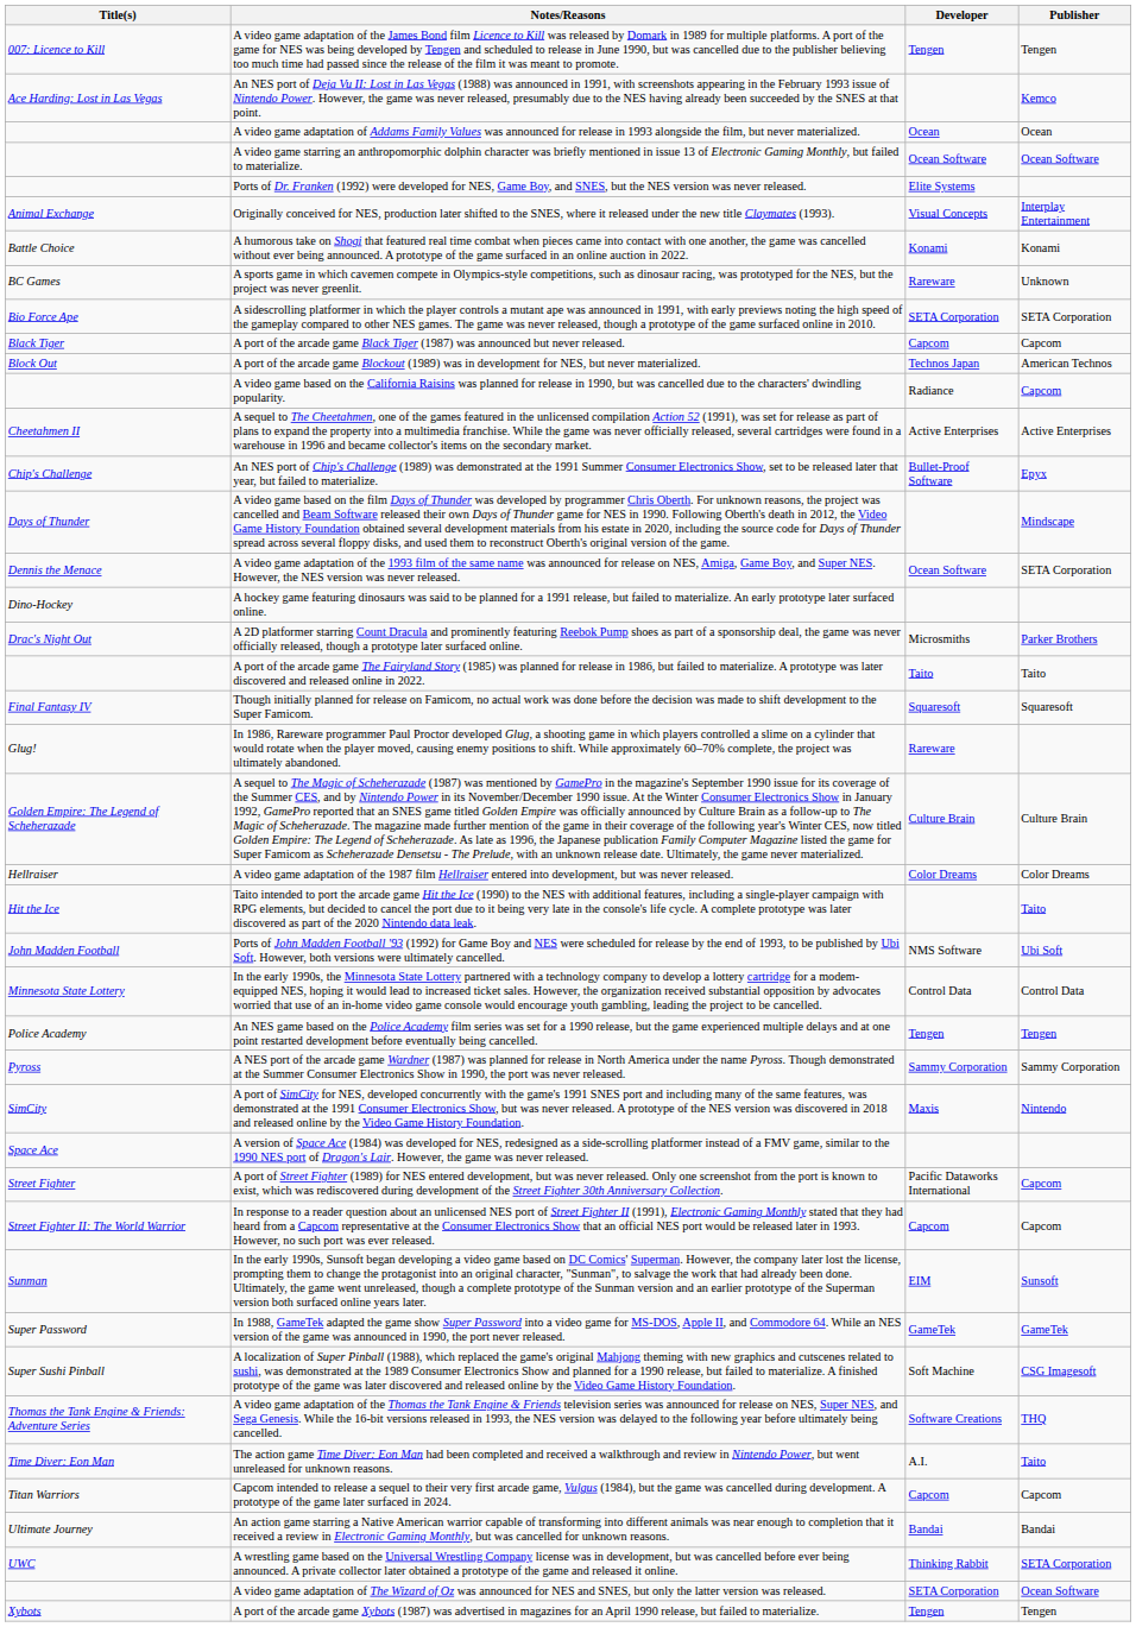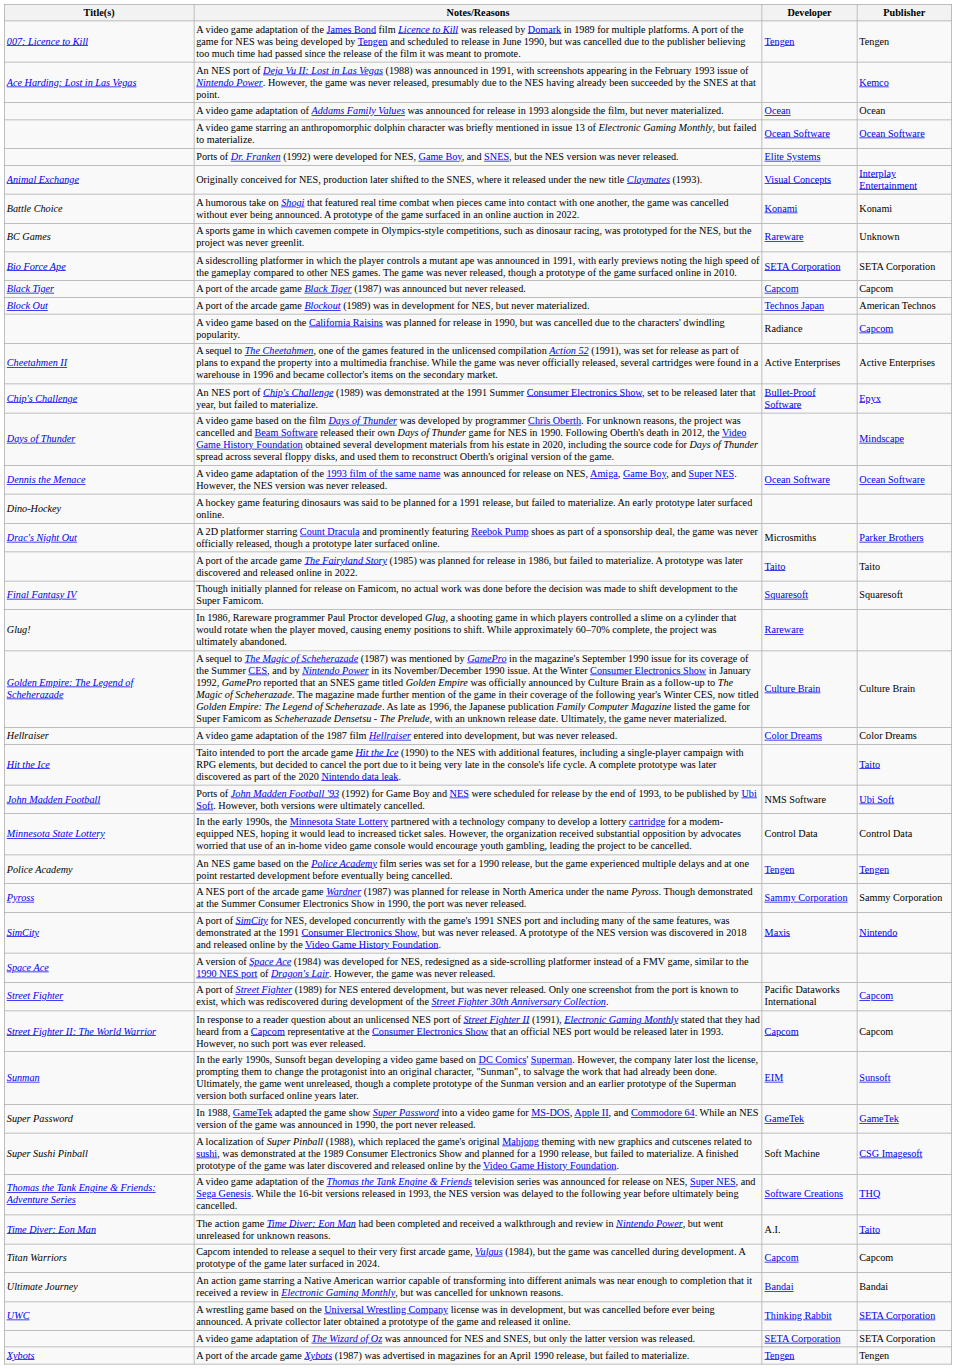 <table class="wikitable sortable" id="softwarelist" style="width:100%; font-size:85%;">
 <tr>
 <th width=20%>Title(s)</th>
 <th width=60% class="unsortable">Notes/Reasons</th>
 <th width=10%>Developer</th>
 <th width=10%>Publisher</th>
 </tr>
 <tr>
 <td id="0–9"><em><a href='#'>007: Licence to Kill</a></em></td>
 <td>A video game adaptation of the <a href='#'>James Bond</a> film <em><a href='#'>Licence to Kill</a></em> was released by <a href='#'>Domark</a> in 1989 for multiple platforms. A port of the game for NES was being developed by <a href='#'>Tengen</a> and scheduled to release in June 1990, but was cancelled due to the publisher believing too much time had passed since the release of the film it was meant to promote.</td>
 <td><a href='#'>Tengen</a></td>
 <td>Tengen</td>
 </tr>
 <tr>
 <td><em><a href='#'>Ace Harding: Lost in Las Vegas</a></em></td>
 <td>An NES port of <em><a href='#'>Deja Vu II: Lost in Las Vegas</a></em> (1988) was announced in 1991, with screenshots appearing in the February 1993 issue of <em><a href='#'>Nintendo Power</a></em>. However, the game was never released, presumably due to the NES having already been succeeded by the SNES at that point.</td>
 <td></td>
 <td><a href='#'>Kemco</a></td>
 </tr>
 <tr>
 <td id="A"></td>
 <td>A video game adaptation of <em><a href='#'>Addams Family Values</a></em> was announced for release in 1993 alongside the film, but never materialized.</td>
 <td><a href='#'>Ocean</a></td>
 <td>Ocean</td>
 </tr>
 <tr>
 <td></td>
 <td>A video game starring an anthropomorphic dolphin character was briefly mentioned in issue 13 of <em>Electronic Gaming Monthly</em>, but failed to materialize.</td>
 <td><a href='#'>Ocean Software</a></td>
 <td><a href='#'>Ocean Software</a></td>
 </tr>
 <tr>
 <td></td>
 <td>Ports of <em><a href='#'>Dr. Franken</a></em> (1992) were developed for NES, <a href='#'>Game Boy</a>, and <a href='#'>SNES</a>, but the NES version was never released.</td>
 <td><a href='#'>Elite Systems</a></td>
 <td></td>
 </tr>
 <tr>
 <td><em><a href='#'>Animal Exchange</a></em></td>
 <td>Originally conceived for NES, production later shifted to the SNES, where it released under the new title <em><a href='#'>Claymates</a></em> (1993).</td>
 <td><a href='#'>Visual Concepts</a></td>
 <td><a href='#'>Interplay Entertainment</a></td>
 </tr>
 <tr>
 <td id="B"><em>Battle Choice</em></td>
 <td>A humorous take on <em><a href='#'>Shogi</a></em> that featured real time combat when pieces came into contact with one another, the game was cancelled without ever being announced. A prototype of the game surfaced in an online auction in 2022.</td>
 <td><a href='#'>Konami</a></td>
 <td>Konami</td>
 </tr>
 <tr>
 <td><em>BC Games</em></td>
 <td>A sports game in which cavemen compete in Olympics-style competitions, such as dinosaur racing, was prototyped for the NES, but the project was never greenlit.</td>
 <td><a href='#'>Rareware</a></td>
 <td>Unknown</td>
 </tr>
 <tr>
 <td><em><a href='#'>Bio Force Ape</a></em></td>
 <td>A sidescrolling platformer in which the player controls a mutant ape was announced in 1991, with early previews noting the high speed of the gameplay compared to other NES games. The game was never released, though a prototype of the game surfaced online in 2010.</td>
 <td><a href='#'>SETA Corporation</a></td>
 <td>SETA Corporation</td>
 </tr>
 <tr>
 <td><em><a href='#'>Black Tiger</a></em></td>
 <td>A port of the arcade game <em><a href='#'>Black Tiger</a></em> (1987) was announced but never released.</td>
 <td><a href='#'>Capcom</a></td>
 <td>Capcom</td>
 </tr>
 <tr>
 <td><em><a href='#'>Block Out</a></em></td>
 <td>A port of the arcade game <em><a href='#'>Blockout</a></em> (1989) was in development for NES, but never materialized.</td>
 <td><a href='#'>Technos Japan</a></td>
 <td>American Technos</td>
 </tr>
 <tr>
 <td id="C"></td>
 <td>A video game based on the <a href='#'>California Raisins</a> was planned for release in 1990, but was cancelled due to the characters' dwindling popularity.</td>
 <td>Radiance</td>
 <td><a href='#'>Capcom</a></td>
 </tr>
 <tr>
 <td><em><a href='#'>Cheetahmen II</a></em></td>
 <td>A sequel to <em><a href='#'>The Cheetahmen</a></em>, one of the games featured in the unlicensed compilation <em><a href='#'>Action 52</a></em> (1991), was set for release as part of plans to expand the property into a multimedia franchise. While the game was never officially released, several cartridges were found in a warehouse in 1996 and became collector's items on the secondary market.</td>
 <td>Active Enterprises</td>
 <td>Active Enterprises</td>
 </tr>
 <tr>
 <td><em><a href='#'>Chip's Challenge</a></em></td>
 <td>An NES port of <em><a href='#'>Chip's Challenge</a></em> (1989) was demonstrated at the 1991 Summer <a href='#'>Consumer Electronics Show</a>, set to be released later that year, but failed to materialize.</td>
 <td><a href='#'>Bullet-Proof Software</a></td>
 <td><a href='#'>Epyx</a></td>
 </tr>
 <tr>
 <td id="D"><em><a href='#'>Days of Thunder</a></em></td>
 <td>A video game based on the film <em><a href='#'>Days of Thunder</a></em> was developed by programmer <a href='#'>Chris Oberth</a>. For unknown reasons, the project was cancelled and <a href='#'>Beam Software</a> released their own <em>Days of Thunder</em> game for NES in 1990. Following Oberth's death in 2012, the <a href='#'>Video Game History Foundation</a> obtained several development materials from his estate in 2020, including the source code for <em>Days of Thunder</em> spread across several floppy disks, and used them to reconstruct Oberth's original version of the game.</td>
 <td></td>
 <td><a href='#'>Mindscape</a></td>
 </tr>
 <tr>
 <td><em><a href='#'>Dennis the Menace</a></em></td>
 <td>A video game adaptation of the <a href='#'>1993 film of the same name</a> was announced for release on NES, <a href='#'>Amiga</a>, <a href='#'>Game Boy</a>, and <a href='#'>Super NES</a>. However, the NES version was never released.</td>
 <td><a href='#'>Ocean Software</a></td>
-<td>SETA Corporation</td>
+<td><a href='#'>Ocean Software</a></td>
 </tr>
 <tr>
 <td><em>Dino-Hockey</em></td>
 <td>A hockey game featuring dinosaurs was said to be planned for a 1991 release, but failed to materialize. An early prototype later surfaced online.</td>
 <td></td>
 <td></td>
 </tr>
 <tr>
 <td><em><a href='#'>Drac's Night Out</a></em></td>
 <td>A 2D platformer starring <a href='#'>Count Dracula</a> and prominently featuring <a href='#'>Reebok Pump</a> shoes as part of a sponsorship deal, the game was never officially released, though a prototype later surfaced online.</td>
 <td>Microsmiths</td>
 <td><a href='#'>Parker Brothers</a></td>
 </tr>
 <tr>
 <td id="F"></td>
 <td>A port of the arcade game <em><a href='#'>The Fairyland Story</a></em> (1985) was planned for release in 1986, but failed to materialize. A prototype was later discovered and released online in 2022.</td>
 <td><a href='#'>Taito</a></td>
 <td>Taito</td>
 </tr>
 <tr>
 <td><em><a href='#'>Final Fantasy IV</a></em></td>
 <td>Though initially planned for release on Famicom, no actual work was done before the decision was made to shift development to the Super Famicom.</td>
 <td><a href='#'>Squaresoft</a></td>
 <td>Squaresoft</td>
 </tr>
 <tr>
 <td id="G"><em>Glug!</em></td>
 <td>In 1986, Rareware programmer Paul Proctor developed <em>Glug</em>, a shooting game in which players controlled a slime on a cylinder that would rotate when the player moved, causing enemy positions to shift. While approximately 60–70% complete, the project was ultimately abandoned.</td>
 <td><a href='#'>Rareware</a></td>
 <td></td>
 </tr>
 <tr>
 <td><em><a href='#'>Golden Empire: The Legend of Scheherazade</a></em></td>
 <td>A sequel to <em><a href='#'>The Magic of Scheherazade</a></em> (1987) was mentioned by <em><a href='#'>GamePro</a></em> in the magazine's September 1990 issue for its coverage of the Summer <a href='#'>CES</a>, and by <em><a href='#'>Nintendo Power</a></em> in its November/December 1990 issue. At the Winter <a href='#'>Consumer Electronics Show</a> in January 1992, <em>GamePro</em> reported that an SNES game titled <em>Golden Empire</em> was officially announced by Culture Brain as a follow-up to <em>The Magic of Scheherazade</em>. The magazine made further mention of the game in their coverage of the following year's Winter CES, now titled <em>Golden Empire: The Legend of Scheherazade</em>. As late as 1996, the Japanese publication <em>Family Computer Magazine</em> listed the game for Super Famicom as <em>Scheherazade Densetsu - The Prelude</em>, with an unknown release date. Ultimately, the game never materialized.</td>
 <td><a href='#'>Culture Brain</a></td>
 <td>Culture Brain</td>
 </tr>
 <tr>
 <td id="H"><em>Hellraiser</em></td>
 <td>A video game adaptation of the 1987 film <em><a href='#'>Hellraiser</a></em> entered into development, but was never released.</td>
 <td><a href='#'>Color Dreams</a></td>
 <td>Color Dreams</td>
 </tr>
 <tr>
 <td><em><a href='#'>Hit the Ice</a></em></td>
 <td>Taito intended to port the arcade game <em><a href='#'>Hit the Ice</a></em> (1990) to the NES with additional features, including a single-player campaign with RPG elements, but decided to cancel the port due to it being very late in the console's life cycle. A complete prototype was later discovered as part of the 2020 <a href='#'>Nintendo data leak</a>.</td>
 <td></td>
 <td><a href='#'>Taito</a></td>
 </tr>
 <tr>
 <td id="J"><em><a href='#'>John Madden Football</a></em></td>
 <td>Ports of <em><a href='#'>John Madden Football '93</a></em> (1992) for Game Boy and <a href='#'>NES</a> were scheduled for release by the end of 1993, to be published by <a href='#'>Ubi Soft</a>. However, both versions were ultimately cancelled.</td>
 <td>NMS Software</td>
 <td><a href='#'>Ubi Soft</a></td>
 </tr>
 <tr>
 <td id="M"><em><a href='#'>Minnesota State Lottery</a></em></td>
 <td>In the early 1990s, the <a href='#'>Minnesota State Lottery</a> partnered with a technology company to develop a lottery <a href='#'>cartridge</a> for a modem-equipped NES, hoping it would lead to increased ticket sales. However, the organization received substantial opposition by advocates worried that use of an in-home video game console would encourage youth gambling, leading the project to be cancelled.</td>
 <td>Control Data</td>
 <td>Control Data</td>
 </tr>
 <tr>
 <td id="P"><em>Police Academy</em></td>
 <td>An NES game based on the <em><a href='#'>Police Academy</a></em> film series was set for a 1990 release, but the game experienced multiple delays and at one point restarted development before eventually being cancelled.</td>
 <td><a href='#'>Tengen</a></td>
 <td><a href='#'>Tengen</a></td>
 </tr>
 <tr>
 <td><em><a href='#'>Pyross</a></em></td>
 <td>A NES port of the arcade game <em><a href='#'>Wardner</a></em> (1987) was planned for release in North America under the name <em>Pyross</em>. Though demonstrated at the Summer Consumer Electronics Show in 1990, the port was never released.</td>
 <td><a href='#'>Sammy Corporation</a></td>
 <td>Sammy Corporation</td>
 </tr>
 <tr>
 <td id="S"><em><a href='#'>SimCity</a></em></td>
 <td>A port of <em><a href='#'>SimCity</a></em> for NES, developed concurrently with the game's 1991 SNES port and including many of the same features, was demonstrated at the 1991 <a href='#'>Consumer Electronics Show</a>, but was never released. A prototype of the NES version was discovered in 2018 and released online by the <a href='#'>Video Game History Foundation</a>.</td>
 <td><a href='#'>Maxis</a></td>
 <td><a href='#'>Nintendo</a></td>
 </tr>
 <tr>
 <td><em><a href='#'>Space Ace</a></em></td>
 <td>A version of <em><a href='#'>Space Ace</a></em> (1984) was developed for NES, redesigned as a side-scrolling platformer instead of a FMV game, similar to the <a href='#'>1990 NES port</a> of <em><a href='#'>Dragon's Lair</a></em>. However, the game was never released.</td>
 <td></td>
 <td></td>
 </tr>
 <tr>
 <td><em><a href='#'>Street Fighter</a></em></td>
 <td>A port of <em><a href='#'>Street Fighter</a></em> (1989) for NES entered development, but was never released. Only one screenshot from the port is known to exist, which was rediscovered during development of the <em><a href='#'>Street Fighter 30th Anniversary Collection</a></em>.</td>
 <td>Pacific Dataworks International</td>
 <td><a href='#'>Capcom</a></td>
 </tr>
 <tr>
 <td><em><a href='#'>Street Fighter II: The World Warrior</a></em></td>
 <td>In response to a reader question about an unlicensed NES port of <em><a href='#'>Street Fighter II</a></em> (1991), <em><a href='#'>Electronic Gaming Monthly</a></em> stated that they had heard from a <a href='#'>Capcom</a> representative at the <a href='#'>Consumer Electronics Show</a> that an official NES port would be released later in 1993. However, no such port was ever released.</td>
 <td><a href='#'>Capcom</a></td>
 <td>Capcom</td>
 </tr>
 <tr>
 <td><em><a href='#'>Sunman</a></em></td>
 <td>In the early 1990s, Sunsoft began developing a video game based on <a href='#'>DC Comics</a>' <a href='#'>Superman</a>. However, the company later lost the license, prompting them to change the protagonist into an original character, "Sunman", to salvage the work that had already been done. Ultimately, the game went unreleased, though a complete prototype of the Sunman version and an earlier prototype of the Superman version both surfaced online years later.</td>
 <td><a href='#'>EIM</a></td>
 <td><a href='#'>Sunsoft</a></td>
 </tr>
 <tr>
 <td><em>Super Password</em></td>
 <td>In 1988, <a href='#'>GameTek</a> adapted the game show <em><a href='#'>Super Password</a></em> into a video game for <a href='#'>MS-DOS</a>, <a href='#'>Apple II</a>, and <a href='#'>Commodore 64</a>. While an NES version of the game was announced in 1990, the port never released.</td>
 <td><a href='#'>GameTek</a></td>
 <td><a href='#'>GameTek</a></td>
 </tr>
 <tr>
 <td><em>Super Sushi Pinball</em></td>
 <td>A localization of <em>Super Pinball</em> (1988), which replaced the game's original <a href='#'>Mahjong</a> theming with new graphics and cutscenes related to <a href='#'>sushi</a>, was demonstrated at the 1989 Consumer Electronics Show and planned for a 1990 release, but failed to materialize. A finished prototype of the game was later discovered and released online by the <a href='#'>Video Game History Foundation</a>.</td>
 <td>Soft Machine</td>
 <td><a href='#'>CSG Imagesoft</a></td>
 </tr>
 <tr>
 <td id="T"><em><a href='#'>Thomas the Tank Engine & Friends: Adventure Series</a></em></td>
 <td>A video game adaptation of the <em><a href='#'>Thomas the Tank Engine & Friends</a></em> television series was announced for release on NES, <a href='#'>Super NES</a>, and <a href='#'>Sega Genesis</a>. While the 16-bit versions released in 1993, the NES version was delayed to the following year before ultimately being cancelled.</td>
 <td><a href='#'>Software Creations</a></td>
 <td><a href='#'>THQ</a></td>
 </tr>
 <tr>
 <td><em><a href='#'>Time Diver: Eon Man</a></em></td>
 <td>The action game <em><a href='#'>Time Diver: Eon Man</a></em> had been completed and received a walkthrough and review in <em><a href='#'>Nintendo Power</a></em>, but went unreleased for unknown reasons.</td>
 <td>A.I.</td>
 <td><a href='#'>Taito</a></td>
 </tr>
 <tr>
 <td><em>Titan Warriors</em></td>
 <td>Capcom intended to release a sequel to their very first arcade game, <em><a href='#'>Vulgus</a></em> (1984), but the game was cancelled during development. A prototype of the game later surfaced in 2024.</td>
 <td><a href='#'>Capcom</a></td>
 <td>Capcom</td>
 </tr>
 <tr>
 <td id="U"><em>Ultimate Journey</em></td>
 <td>An action game starring a Native American warrior capable of transforming into different animals was near enough to completion that it received a review in <em><a href='#'>Electronic Gaming Monthly</a></em>, but was cancelled for unknown reasons.</td>
 <td><a href='#'>Bandai</a></td>
 <td>Bandai</td>
 </tr>
 <tr>
 <td><em><a href='#'>UWC</a></em></td>
 <td>A wrestling game based on the <a href='#'>Universal Wrestling Company</a> license was in development, but was cancelled before ever being announced. A private collector later obtained a prototype of the game and released it online.</td>
 <td><a href='#'>Thinking Rabbit</a></td>
 <td><a href='#'>SETA Corporation</a></td>
 </tr>
 <tr>
 <td id="W"></td>
 <td>A video game adaptation of <em><a href='#'>The Wizard of Oz</a></em> was announced for NES and SNES, but only the latter version was released.</td>
 <td><a href='#'>SETA Corporation</a></td>
-<td><a href='#'>Ocean Software</a></td>
+<td>SETA Corporation</td>
 </tr>
 <tr>
 <td id="X"><em><a href='#'>Xybots</a></em></td>
 <td>A port of the arcade game <em><a href='#'>Xybots</a></em> (1987) was advertised in magazines for an April 1990 release, but failed to materialize.</td>
 <td><a href='#'>Tengen</a></td>
 <td>Tengen</td>
 </tr>
 </table>
